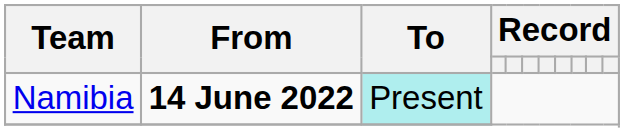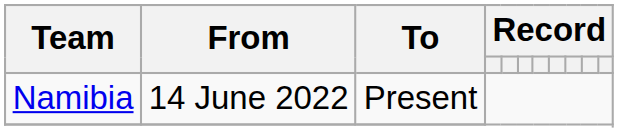 <table class="wikitable" style="text-align: center">
 <tr>
 <th rowspan=2>Team</th>
 <th rowspan=2>From</th>
 <th rowspan=2>To</th>
 <th colspan=8>Record</th>
 </tr>
 <tr>
 <th></th>
 <th></th>
 <th></th>
 <th></th>
 <th></th>
 <th></th>
 <th></th>
 <th></th>
 </tr>
 <tr>
 <td><a href='#'>Namibia</a></td>
-<td><strong>14 June 2022</strong></td>
-<td style="background: paleturquoise;">Present<br></td>
+<td>14 June 2022</td>
+<td>Present<br></td>
 </tr>
 <tr>
 </tr>
 </table>
